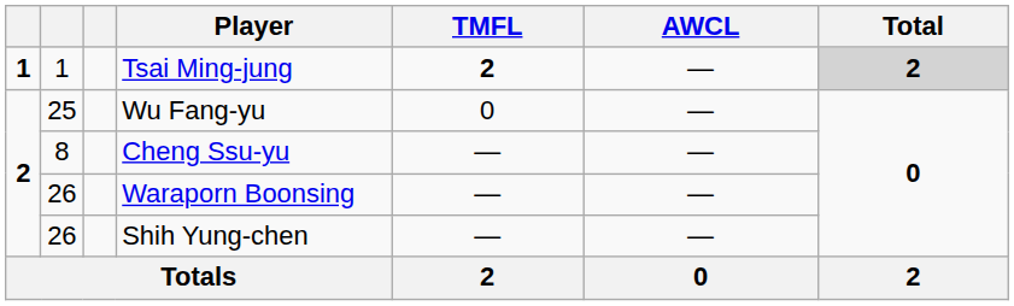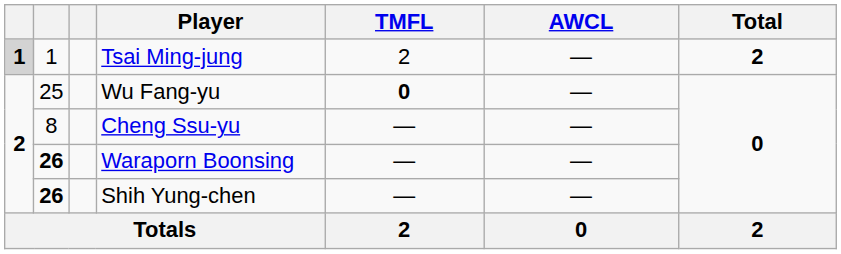 <table class="wikitable" style="text-align:center">
 <tr>
 <th width=15></th>
 <th width=15></th>
 <th width=15></th>
 <th width=175>Player</th>
 <th width=120><a href='#'>TMFL</a></th>
 <th width=150><a href='#'>AWCL</a></th>
 <th width=120>Total</th>
 </tr>
 <tr>
-<td><strong>1</strong></td>
+<td style="background: lightgrey;"><strong>1</strong></td>
 <td>1</td>
 <td></td>
 <td align=left><a href='#'>Tsai Ming-jung</a></td>
+<td>2</td>
+<td>—</td>
 <td><strong>2</strong></td>
-<td>—</td>
-<td style="background: lightgrey;"><strong>2</strong></td>
 </tr>
 <tr>
 <td rowspan=4><strong>2</strong></td>
 <td>25</td>
 <td></td>
 <td align=left>Wu Fang-yu</td>
-<td>0</td>
+<td><strong>0</strong></td>
 <td>—</td>
 <td rowspan=4><strong>0</strong></td>
 </tr>
 <tr>
 <td>8</td>
 <td></td>
 <td align=left><a href='#'>Cheng Ssu-yu</a></td>
 <td>—</td>
 <td>—</td>
 </tr>
 <tr>
-<td>26</td>
+<td><strong>26</strong></td>
 <td></td>
 <td align=left><a href='#'>Waraporn Boonsing</a></td>
 <td>—</td>
 <td>—</td>
 </tr>
 <tr>
-<td>26</td>
+<td><strong>26</strong></td>
 <td></td>
 <td align=left>Shih Yung-chen</td>
 <td>—</td>
 <td>—</td>
 </tr>
 <tr>
 <th colspan=4><strong>Totals</strong></th>
 <th><strong>2</strong></th>
 <th><strong>0</strong></th>
 <th><strong>2</strong></th>
 </tr>
 </table>
